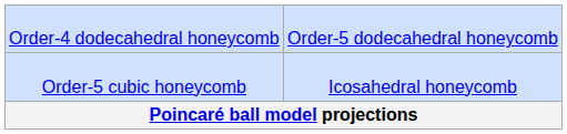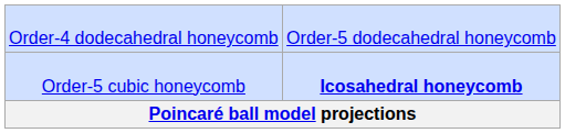 <table class="wikitable" align=right>
 <tr bgcolor="#d0e0ff" align=center>
 <td><br><a href='#'>Order-4 dodecahedral honeycomb</a><br></td>
 <td><br><a href='#'>Order-5 dodecahedral honeycomb</a><br></td>
 </tr>
 <tr bgcolor="#d0e0ff" align=center>
 <td><br><a href='#'>Order-5 cubic honeycomb</a><br></td>
-<td><br><a href='#'>Icosahedral honeycomb</a><br></td>
+<td><strong><br><a href='#'>Icosahedral honeycomb</a><br></strong></td>
 </tr>
 <tr>
 <th colspan=2><a href='#'>Poincaré ball model</a> projections</th>
 </tr>
 </table>
